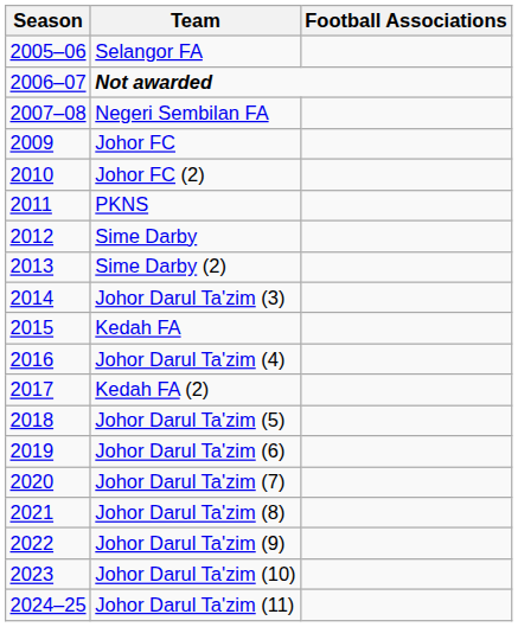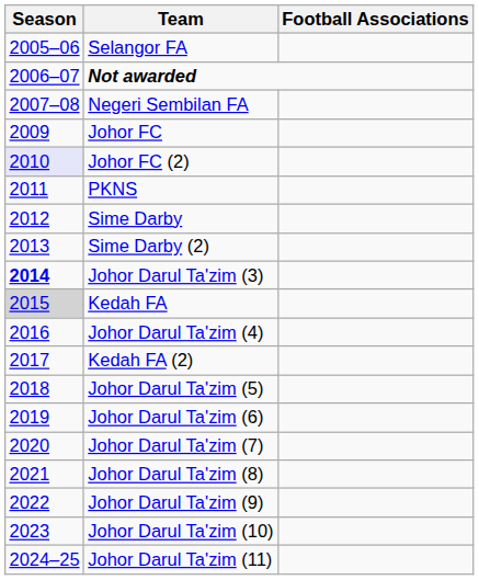 <table class="wikitable sortable" style="font-size: 85%;">
 <tr>
 <th>Season</th>
 <th>Team</th>
 <th>Football Associations</th>
 </tr>
 <tr>
 <td><a href='#'>2005–06</a></td>
 <td> <a href='#'>Selangor FA</a></td>
 <td></td>
 </tr>
 <tr>
 <td><a href='#'>2006–07</a></td>
 <td colspan="2"><strong><em>Not awarded</em></strong></td>
 </tr>
 <tr>
 <td><a href='#'>2007–08</a></td>
 <td> <a href='#'>Negeri Sembilan FA</a></td>
 <td></td>
 </tr>
 <tr>
 <td><a href='#'>2009</a></td>
 <td> <a href='#'>Johor FC</a></td>
 <td></td>
 </tr>
 <tr>
-<td><a href='#'>2010</a></td>
+<td style="background: lavender;"><a href='#'>2010</a></td>
 <td> <a href='#'>Johor FC</a> (2)</td>
 <td></td>
 </tr>
 <tr>
 <td><a href='#'>2011</a></td>
 <td> <a href='#'>PKNS</a></td>
 <td></td>
 </tr>
 <tr>
 <td><a href='#'>2012</a></td>
 <td> <a href='#'>Sime Darby</a></td>
 <td></td>
 </tr>
 <tr>
 <td><a href='#'>2013</a></td>
 <td> <a href='#'>Sime Darby</a> (2)</td>
 <td></td>
 </tr>
 <tr>
-<td><a href='#'>2014</a></td>
+<td><strong><a href='#'>2014</a></strong></td>
 <td> <a href='#'>Johor Darul Ta'zim</a> (3)</td>
 <td></td>
 </tr>
 <tr>
-<td><a href='#'>2015</a></td>
+<td style="background: lightgrey;"><a href='#'>2015</a></td>
 <td> <a href='#'>Kedah FA</a></td>
 <td></td>
 </tr>
 <tr>
 <td><a href='#'>2016</a></td>
 <td> <a href='#'>Johor Darul Ta'zim</a> (4)</td>
 <td></td>
 </tr>
 <tr>
 <td><a href='#'>2017</a></td>
 <td> <a href='#'>Kedah FA</a> (2)</td>
 <td></td>
 </tr>
 <tr>
 <td><a href='#'>2018</a></td>
 <td> <a href='#'>Johor Darul Ta'zim</a> (5)</td>
 <td></td>
 </tr>
 <tr>
 <td><a href='#'>2019</a></td>
 <td> <a href='#'>Johor Darul Ta'zim</a> (6)</td>
 <td></td>
 </tr>
 <tr>
 <td><a href='#'>2020</a></td>
 <td> <a href='#'>Johor Darul Ta'zim</a> (7)</td>
 <td></td>
 </tr>
 <tr>
 <td><a href='#'>2021</a></td>
 <td> <a href='#'>Johor Darul Ta'zim</a> (8)</td>
 <td></td>
 </tr>
 <tr>
 <td><a href='#'>2022</a></td>
 <td> <a href='#'>Johor Darul Ta'zim</a> (9)</td>
 <td></td>
 </tr>
 <tr>
 <td><a href='#'>2023</a></td>
 <td> <a href='#'>Johor Darul Ta'zim</a> (10)</td>
 <td></td>
 </tr>
 <tr>
 <td><a href='#'>2024–25</a></td>
 <td> <a href='#'>Johor Darul Ta'zim</a> (11)</td>
 <td></td>
 </tr>
 </table>
